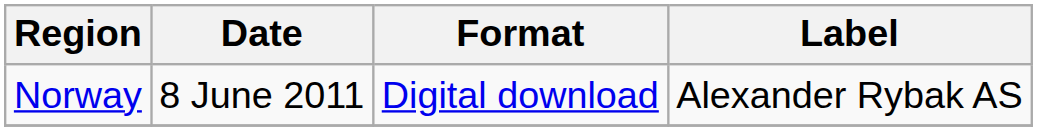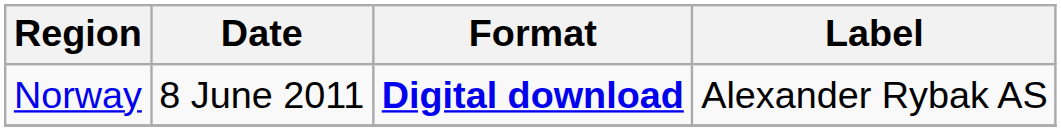 <table class=wikitable>
 <tr>
 <th>Region</th>
 <th>Date</th>
 <th>Format</th>
 <th>Label</th>
 </tr>
 <tr>
 <td><a href='#'>Norway</a></td>
 <td>8 June 2011</td>
-<td><a href='#'>Digital download</a></td>
+<td><strong><a href='#'>Digital download</a></strong></td>
 <td>Alexander Rybak AS</td>
 </tr>
 <tr>
 </tr>
 </table>
